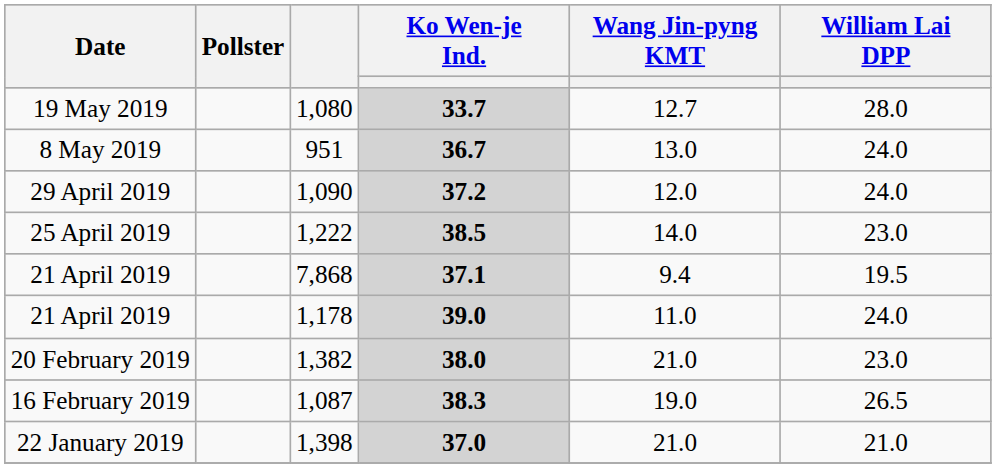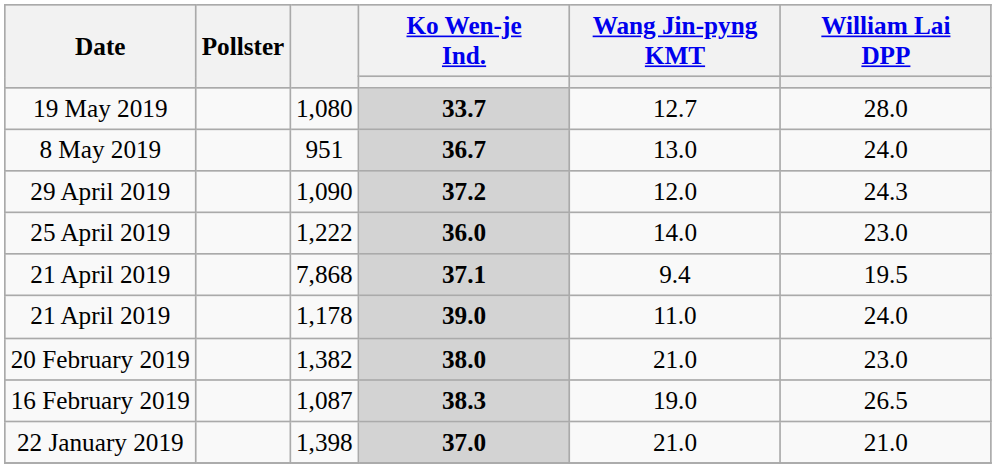 <table class="wikitable sortable collapsible" style="font-size:95%; text-align:center">
 <tr>
 <th rowspan=2>Date</th>
 <th rowspan=2>Pollster</th>
 <th rowspan=2></th>
 <th width=120px><a href='#'>Ko Wen-je</a><br><a href='#'>Ind.</a></th>
 <th width=120px><a href='#'>Wang Jin-pyng</a><br><a href='#'>KMT</a></th>
 <th width=120px><a href='#'>William Lai</a><br><a href='#'>DPP</a></th>
 </tr>
 <tr>
 <th style="background:"></th>
 <th style="background:"></th>
 <th style="background:"></th>
 </tr>
 <tr>
 <td>19 May 2019</td>
 <td></td>
 <td>1,080</td>
 <td style="background-color:lightgrey;"><strong>33.7</strong></td>
 <td>12.7</td>
 <td>28.0</td>
 </tr>
 <tr>
 <td>8 May 2019</td>
 <td></td>
 <td>951</td>
 <td style="background-color:lightgrey;"><strong>36.7</strong></td>
 <td>13.0</td>
 <td>24.0</td>
 </tr>
 <tr>
 <td>29 April 2019</td>
 <td></td>
 <td>1,090</td>
 <td style="background-color:lightgrey;"><strong>37.2</strong></td>
 <td>12.0</td>
-<td>24.0</td>
+<td>24.3</td>
 </tr>
 <tr>
 <td>25 April 2019</td>
 <td></td>
 <td>1,222</td>
-<td style="background-color:lightgrey;"><strong>38.5</strong></td>
+<td style="background-color:lightgrey;"><strong>36.0</strong></td>
 <td>14.0</td>
 <td>23.0</td>
 </tr>
 <tr>
 <td>21 April 2019</td>
 <td></td>
 <td>7,868</td>
 <td style="background-color:lightgrey;"><strong>37.1</strong></td>
 <td>9.4</td>
 <td>19.5</td>
 </tr>
 <tr>
 <td>21 April 2019</td>
 <td></td>
 <td>1,178</td>
 <td style="background-color:lightgrey;"><strong>39.0</strong></td>
 <td>11.0</td>
 <td>24.0</td>
 </tr>
 <tr>
 <td>20 February 2019</td>
 <td></td>
 <td>1,382</td>
 <td style="background-color:lightgrey;"><strong>38.0</strong></td>
 <td>21.0</td>
 <td>23.0</td>
 </tr>
 <tr>
 <td>16 February 2019</td>
 <td></td>
 <td>1,087</td>
 <td style="background-color:lightgrey;"><strong>38.3</strong></td>
 <td>19.0</td>
 <td>26.5</td>
 </tr>
 <tr>
 <td>22 January 2019</td>
 <td></td>
 <td>1,398</td>
 <td style="background-color:lightgrey;"><strong>37.0</strong></td>
 <td>21.0</td>
 <td>21.0</td>
 </tr>
 <tr>
 </tr>
 </table>
